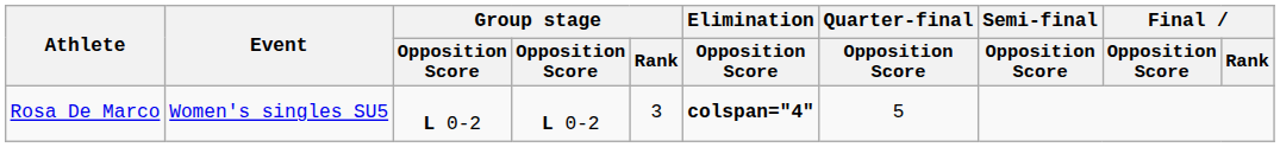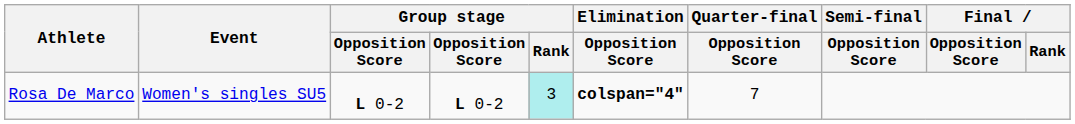 <table class="wikitable" style="font-size:90%">
 <tr>
 <th rowspan="2">Athlete</th>
 <th rowspan="2">Event</th>
 <th colspan="3">Group stage</th>
 <th>Elimination</th>
 <th>Quarter-final</th>
 <th>Semi-final</th>
 <th colspan="2">Final / </th>
 </tr>
 <tr style="font-size:95%">
 <th>Opposition<br>Score</th>
 <th>Opposition<br>Score</th>
 <th>Rank</th>
 <th>Opposition<br>Score</th>
 <th>Opposition<br>Score</th>
 <th>Opposition<br>Score</th>
 <th>Opposition<br>Score</th>
 <th>Rank</th>
 </tr>
 <tr align="center">
 <td align=left><a href='#'>Rosa De Marco</a></td>
 <td align=left><a href='#'>Women's singles SU5</a></td>
 <td><br><strong>L</strong> 0-2</td>
 <td><br><strong>L</strong> 0-2</td>
-<td>3</td>
+<td style="background: paleturquoise;">3</td>
 <td><strong>colspan="4" </strong></td>
-<td>5</td>
+<td>7</td>
 </tr>
 </table>
